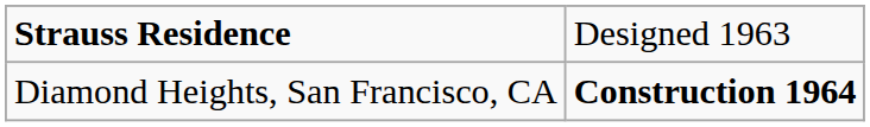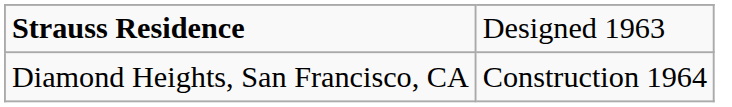 <table class="wikitable" style="text-align:left">
 <tr>
 <td><strong>Strauss Residence</strong></td>
 <td>Designed 1963</td>
 </tr>
 <tr>
 <td>Diamond Heights, San Francisco, CA</td>
-<td><strong>Construction 1964</strong></td>
+<td>Construction 1964</td>
 </tr>
 </table>
